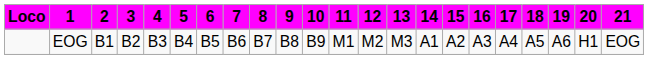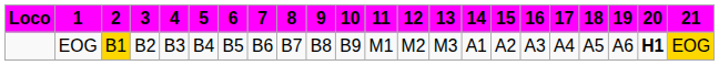 <table class="wikitable plainrowheaders unsortable" style="text-align:center">
 <tr>
 <th scope="col" rowspan="1" style="background:magenta;">Loco</th>
 <th scope="col" rowspan="1" style="background:magenta;">1</th>
 <th scope="col" rowspan="1" style="background:magenta;">2</th>
 <th scope="col" rowspan="1" style="background:magenta;">3</th>
 <th scope="col" rowspan="1" style="background:magenta;">4</th>
 <th scope="col" rowspan="1" style="background:magenta;">5</th>
 <th scope="col" rowspan="1" style="background:magenta;">6</th>
 <th scope="col" rowspan="1" style="background:magenta;">7</th>
 <th scope="col" rowspan="1" style="background:magenta;">8</th>
 <th scope="col" rowspan="1" style="background:magenta;">9</th>
 <th scope="col" rowspan="1" style="background:magenta;">10</th>
 <th scope="col" rowspan="1" style="background:magenta;">11</th>
 <th scope="col" rowspan="1" style="background:magenta;">12</th>
 <th scope="col" rowspan="1" style="background:magenta;">13</th>
 <th scope="col" rowspan="1" style="background:magenta;">14</th>
 <th scope="col" rowspan="1" style="background:magenta;">15</th>
 <th scope="col" rowspan="1" style="background:magenta;">16</th>
 <th scope="col" rowspan="1" style="background:magenta;">17</th>
 <th scope="col" rowspan="1" style="background:magenta;">18</th>
 <th scope="col" rowspan="1" style="background:magenta;">19</th>
 <th scope="col" rowspan="1" style="background:magenta;">20</th>
 <th scope="col" rowspan="1" style="background:magenta;">21</th>
 </tr>
 <tr>
 <td></td>
 <td>EOG</td>
-<td>B1</td>
+<td style="background: gold;">B1</td>
 <td>B2</td>
 <td>B3</td>
 <td>B4</td>
 <td>B5</td>
 <td>B6</td>
 <td>B7</td>
 <td>B8</td>
 <td>B9</td>
 <td>M1</td>
 <td>M2</td>
 <td>M3</td>
 <td>A1</td>
 <td>A2</td>
 <td>A3</td>
 <td>A4</td>
 <td>A5</td>
 <td>A6</td>
-<td>H1</td>
-<td>EOG</td>
+<td><strong>H1</strong></td>
+<td style="background: gold;">EOG</td>
 </tr>
 <tr>
 </tr>
 </table>
